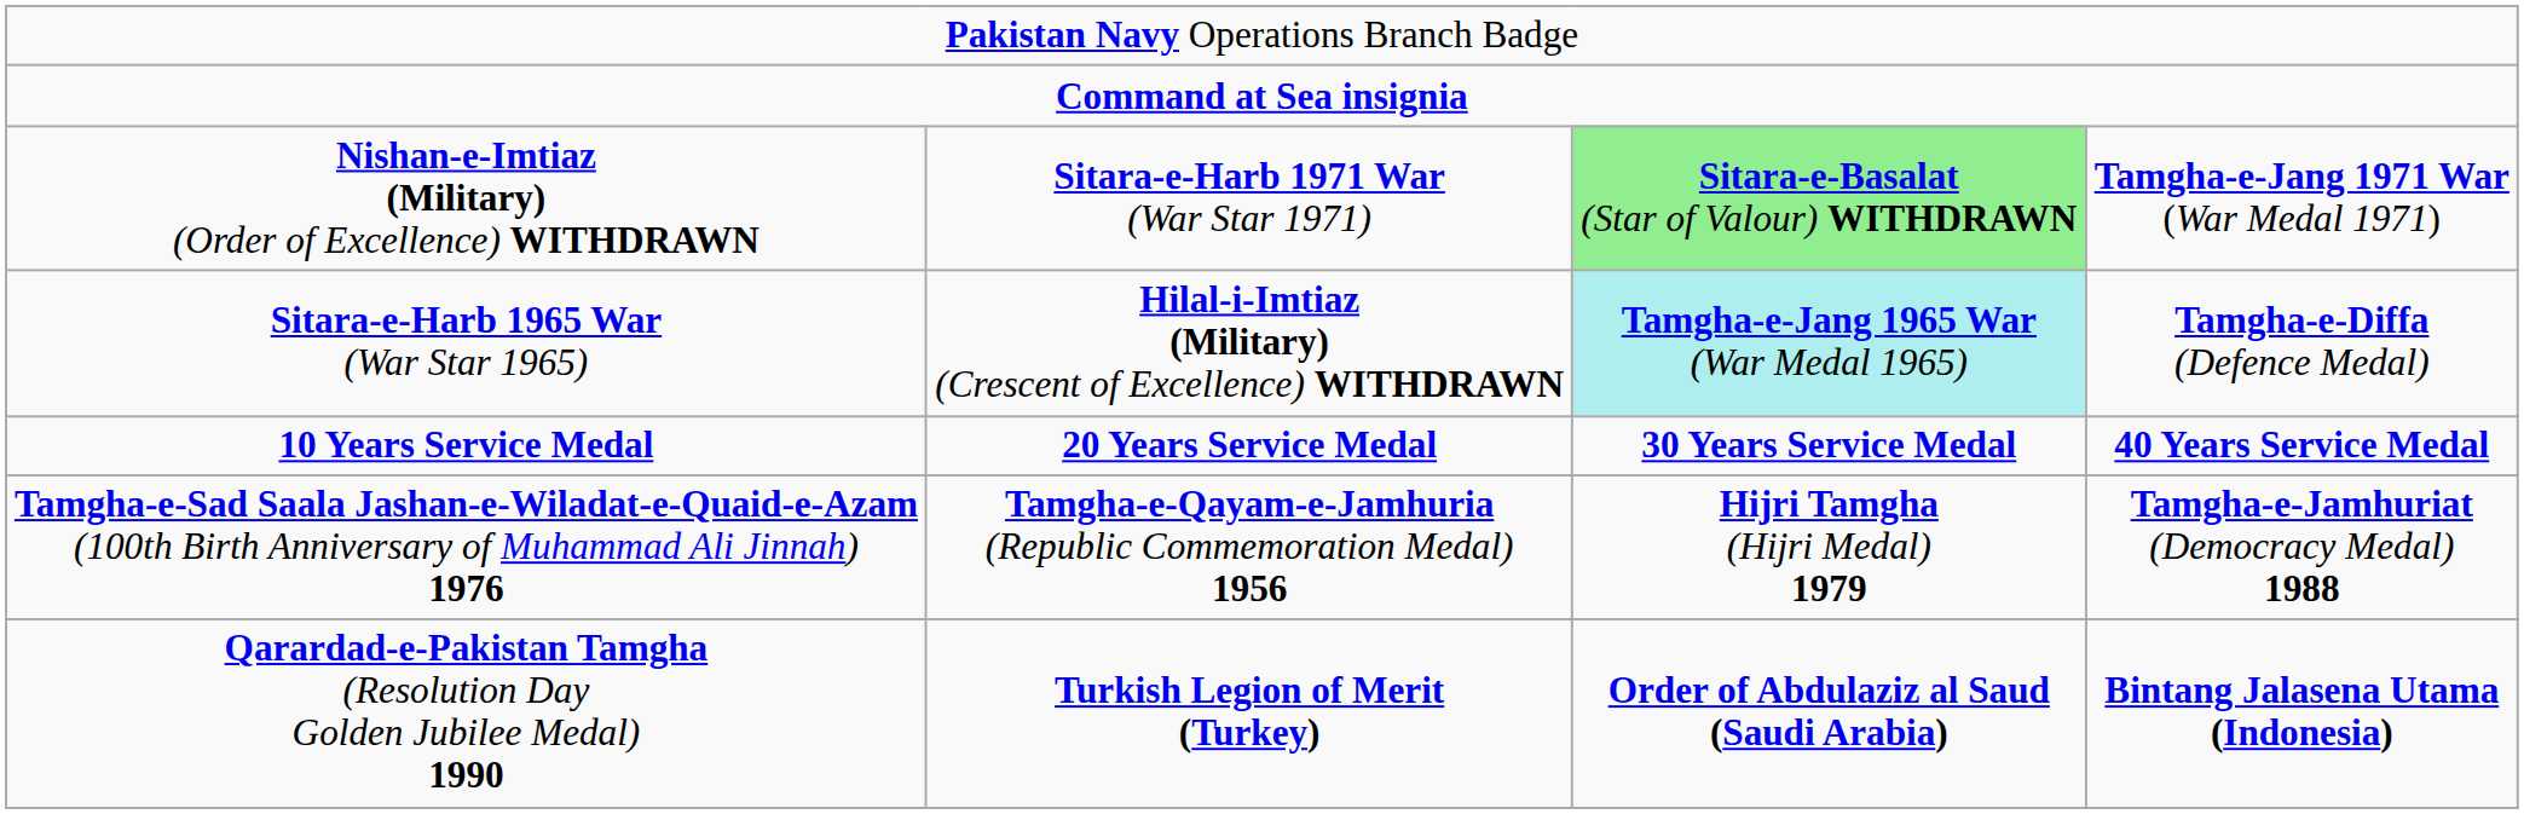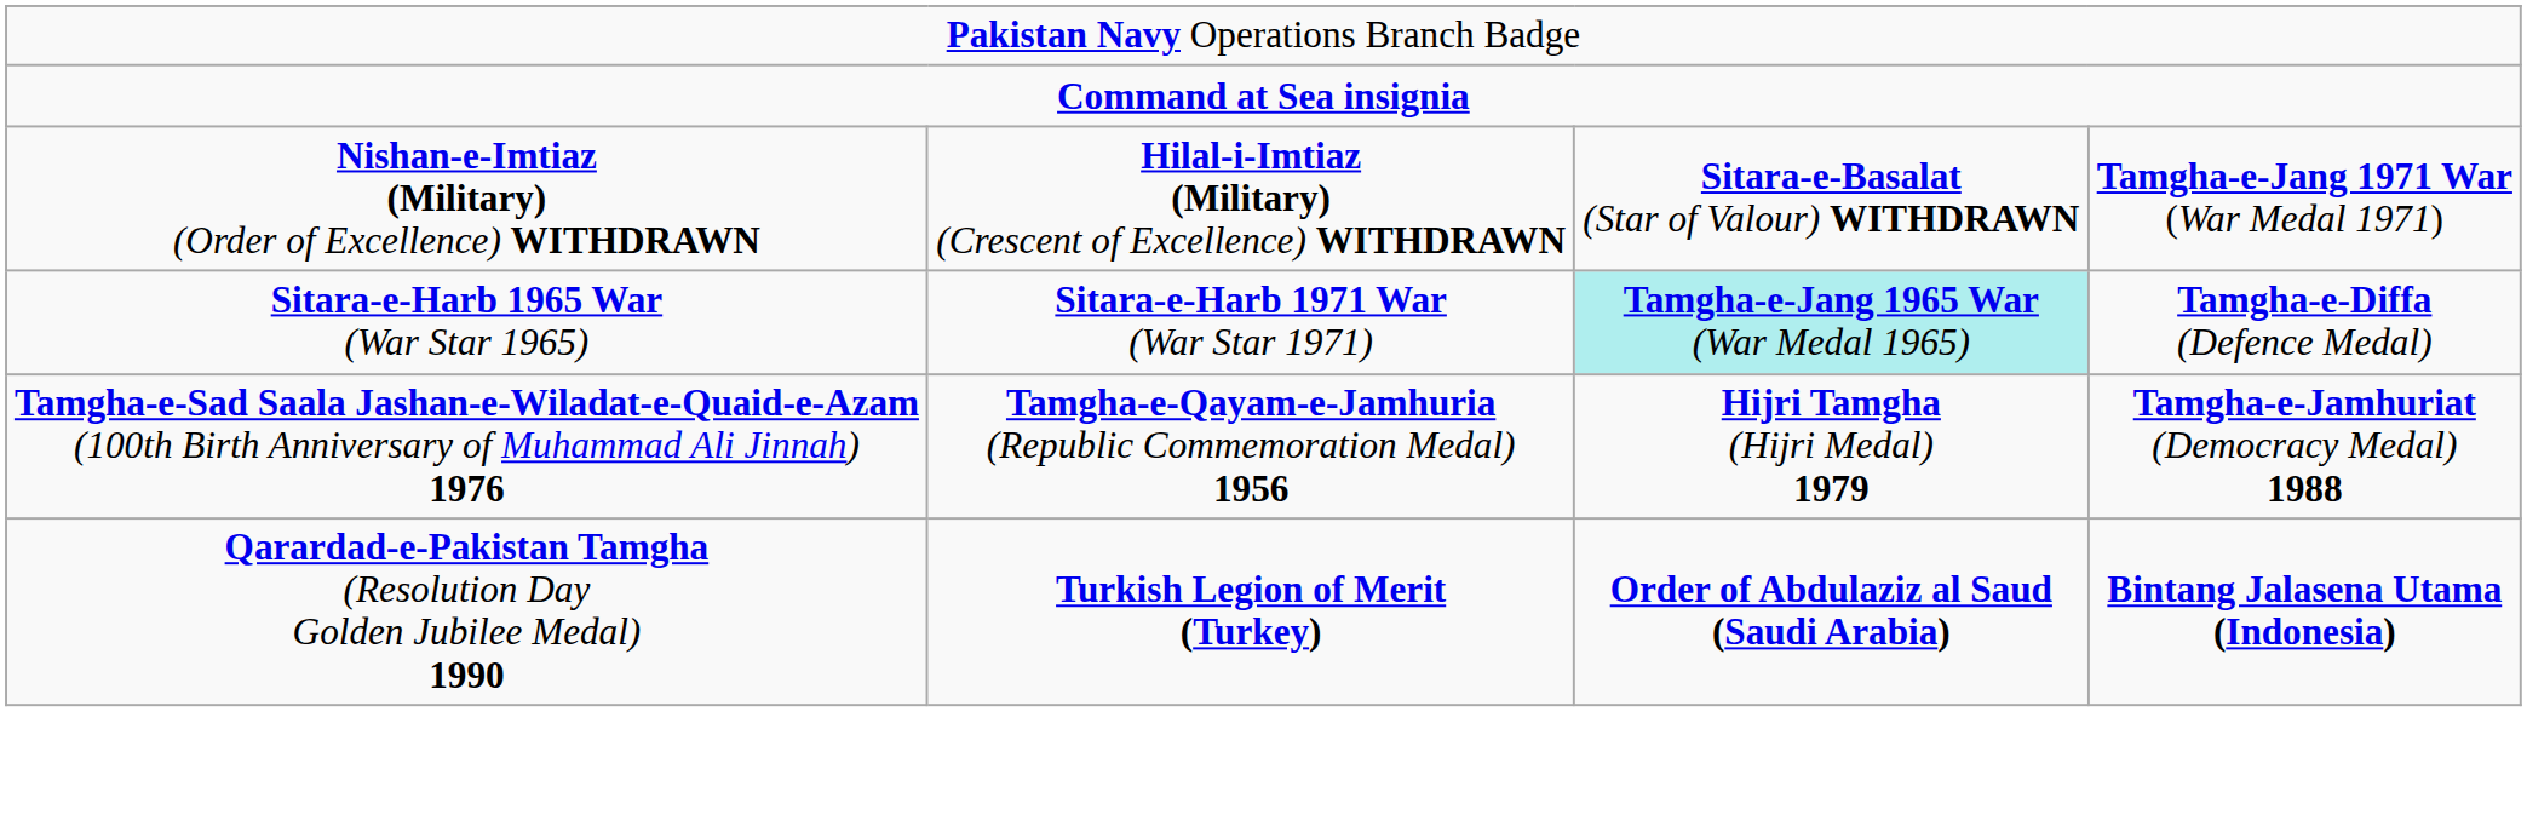 <table class="wikitable" style="margin:1em auto; text-align:center;">
 <tr>
 <td colspan="4"><strong><a href='#'>Pakistan Navy</a></strong> Operations Branch Badge</td>
 </tr>
 <tr>
 <td colspan="4"><strong><a href='#'>Command at Sea insignia</a></strong></td>
 </tr>
 <tr>
 <td><strong><a href='#'>Nishan-e-Imtiaz</a></strong><br><strong>(Military)</strong><br><em>(Order of Excellence)</em> <strong>WITHDRAWN</strong></td>
-<td><strong><a href='#'>Sitara-e-Harb 1971 War</a></strong><br><em>(War Star 1971)</em></td>
-<td style="background: lightgreen;"><strong><a href='#'>Sitara-e-Basalat</a></strong><br><em>(Star of Valour)</em> <strong>WITHDRAWN</strong></td>
+<td><strong><a href='#'>Hilal-i-Imtiaz</a></strong><br><strong>(Military)</strong><br><em>(Crescent of Excellence)</em> <strong>WITHDRAWN</strong></td>
+<td><strong><a href='#'>Sitara-e-Basalat</a></strong><br><em>(Star of Valour)</em> <strong>WITHDRAWN</strong></td>
 <td><strong><a href='#'>Tamgha-e-Jang 1971 War</a></strong><br>(<em>War Medal 1971</em>)</td>
 </tr>
 <tr>
 <td><strong><a href='#'>Sitara-e-Harb 1965 War</a></strong><br><em>(War Star 1965)</em></td>
-<td><strong><a href='#'>Hilal-i-Imtiaz</a></strong><br><strong>(Military)</strong><br><em>(Crescent of Excellence)</em> <strong>WITHDRAWN</strong></td>
+<td><strong><a href='#'>Sitara-e-Harb 1971 War</a></strong><br><em>(War Star 1971)</em></td>
 <td style="background: paleturquoise;"><strong><a href='#'>Tamgha-e-Jang 1965 War</a></strong><br><em>(War Medal 1965)</em></td>
 <td><strong><a href='#'>Tamgha-e-Diffa</a></strong><br><em>(Defence Medal)</em></td>
-</tr>
-<tr>
-<td><strong><a href='#'>10 Years Service Medal</a></strong></td>
-<td><strong><a href='#'>20 Years Service Medal</a></strong></td>
-<td><strong><a href='#'>30 Years Service Medal</a></strong></td>
-<td><strong><a href='#'>40 Years Service Medal</a></strong></td>
 </tr>
 <tr>
 <td><strong><a href='#'>Tamgha-e-Sad Saala Jashan-e-Wiladat-e-Quaid-e-Azam</a></strong><br><em>(100th Birth Anniversary of <a href='#'>Muhammad Ali Jinnah</a>)</em><br><strong>1976</strong></td>
 <td><strong><a href='#'>Tamgha-e-Qayam-e-Jamhuria</a></strong><br><em>(Republic Commemoration Medal)</em><br><strong>1956</strong></td>
 <td><strong><a href='#'>Hijri Tamgha</a></strong><br><em>(Hijri Medal)</em><br><strong>1979</strong></td>
 <td><strong><a href='#'>Tamgha-e-Jamhuriat</a></strong><br><em>(Democracy Medal)</em><br><strong>1988</strong></td>
 </tr>
 <tr>
 <td><strong><a href='#'>Qarardad-e-Pakistan Tamgha</a></strong><br><em>(Resolution Day</em><br><em>Golden Jubilee Medal)</em><br><strong>1990</strong></td>
 <td><a href='#'><strong>Turkish Legion of Merit</strong></a><br><strong>(<a href='#'>Turkey</a>)</strong></td>
 <td><strong><a href='#'>Order of Abdulaziz al Saud</a></strong><br><strong>(<a href='#'>Saudi Arabia</a>)</strong></td>
 <td><strong><a href='#'>Bintang Jalasena Utama</a></strong><br><strong>(<a href='#'>Indonesia</a>)</strong></td>
 </tr>
 </table>
